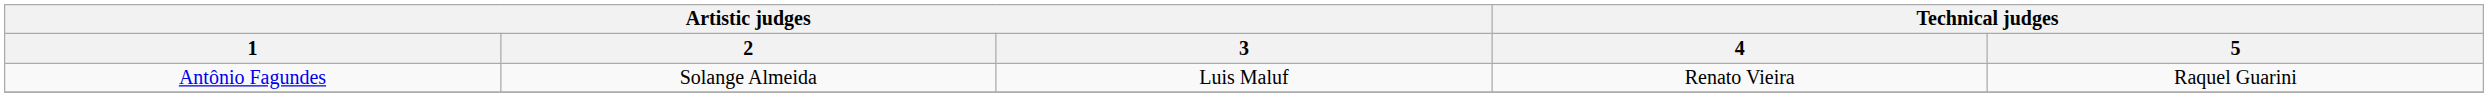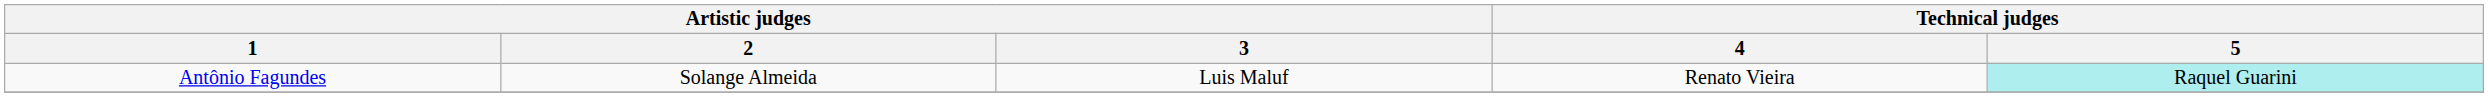 <table class="wikitable" style="font-size:100%; line-height:16px; text-align:center" width="100%">
 <tr TBA>
 <th colspan=3>Artistic judges</th>
 <th colspan=2>Technical judges</th>
 </tr>
 <tr>
 <th width="20.0%">1</th>
 <th width="20.0%">2</th>
 <th width="20.0%">3</th>
 <th width="20.0%">4</th>
 <th width="20.0%">5</th>
 </tr>
 <tr>
 <td><a href='#'>Antônio Fagundes</a></td>
 <td>Solange Almeida</td>
 <td>Luis Maluf</td>
 <td>Renato Vieira</td>
-<td>Raquel Guarini</td>
+<td style="background: paleturquoise;">Raquel Guarini</td>
 </tr>
 <tr>
 </tr>
 </table>
